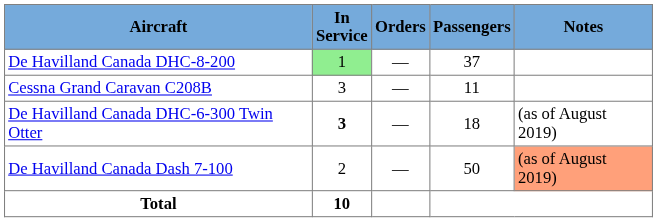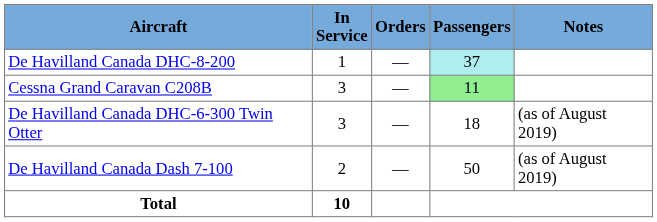 <table class="toccolours" border="1" cellpadding="3" style="margin:1em auto; border-collapse:collapse">
 <tr bgcolor=#75aadb>
 <th>Aircraft</th>
 <th>In<br>Service</th>
 <th>Orders</th>
 <th>Passengers</th>
 <th>Notes</th>
 </tr>
 <tr>
 <td><a href='#'>De Havilland Canada DHC-8-200</a></td>
-<td align="center" style="background: lightgreen;">1</td>
+<td align="center">1</td>
 <td align="center">—</td>
-<td align="center">37</td>
+<td align="center" style="background: paleturquoise;">37</td>
 <td></td>
 </tr>
 <tr>
 <td><a href='#'>Cessna Grand Caravan C208B</a></td>
 <td align="center">3</td>
 <td align="center">—</td>
-<td align="center">11</td>
+<td align="center" style="background: lightgreen;">11</td>
 <td></td>
 </tr>
 <tr>
 <td><a href='#'>De Havilland Canada DHC-6-300 Twin Otter</a></td>
-<td align="center"><strong>3</strong></td>
+<td align="center">3</td>
 <td align="center">—</td>
 <td align="center">18</td>
 <td>(as of August 2019)</td>
 </tr>
 <tr>
 <td><a href='#'>De Havilland Canada Dash 7-100</a></td>
 <td align="center">2</td>
 <td align="center">—</td>
 <td align="center">50</td>
-<td style="background: lightsalmon;">(as of August 2019)</td>
+<td>(as of August 2019)</td>
 </tr>
 <tr>
 <th>Total</th>
 <th>10</th>
 <th></th>
 <th colspan="2"></th>
 </tr>
 </table>
